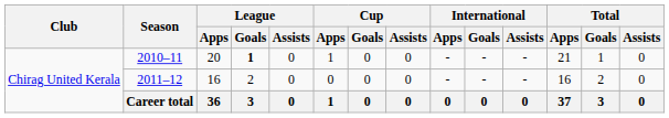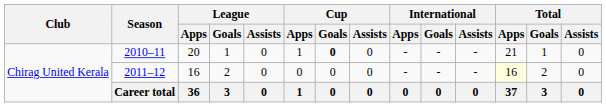 <table class="wikitable" style="font-size:90%; text-align:center;">
 <tr>
 <th rowspan="2">Club</th>
 <th rowspan="2">Season</th>
 <th colspan="3">League</th>
 <th colspan="3">Cup</th>
 <th colspan="3">International</th>
 <th colspan="3">Total</th>
 </tr>
 <tr>
 <th>Apps</th>
 <th>Goals</th>
 <th>Assists</th>
 <th>Apps</th>
 <th>Goals</th>
 <th>Assists</th>
 <th>Apps</th>
 <th>Goals</th>
 <th>Assists</th>
 <th>Apps</th>
 <th>Goals</th>
 <th>Assists</th>
 </tr>
 <tr>
 <td rowspan="3"><a href='#'>Chirag United Kerala</a></td>
 <td><a href='#'>2010–11</a></td>
 <td>20</td>
-<td><strong>1</strong></td>
+<td>1</td>
 <td>0</td>
 <td>1</td>
-<td>0</td>
+<td><strong>0</strong></td>
 <td>0</td>
 <td>-</td>
 <td>-</td>
 <td>-</td>
 <td>21</td>
 <td>1</td>
 <td>0</td>
 </tr>
 <tr>
 <td><a href='#'>2011–12</a></td>
 <td>16</td>
 <td>2</td>
 <td>0</td>
 <td>0</td>
 <td>0</td>
 <td>0</td>
 <td>-</td>
 <td>-</td>
 <td>-</td>
-<td>16</td>
+<td style="background: lightyellow;">16</td>
 <td>2</td>
 <td>0</td>
 </tr>
 <tr>
 <th colspan="1">Career total</th>
 <th>36</th>
 <th>3</th>
 <th>0</th>
 <th>1</th>
 <th>0</th>
 <th>0</th>
 <th>0</th>
 <th>0</th>
 <th>0</th>
 <th>37</th>
 <th>3</th>
 <th>0</th>
 </tr>
 </table>
